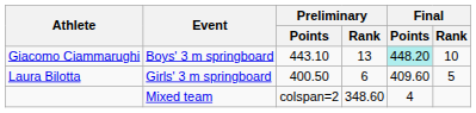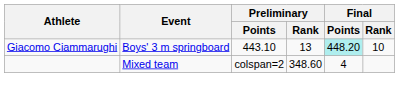 <table class="wikitable" style="font-size:90%;">
 <tr>
 <th rowspan=2>Athlete</th>
 <th rowspan=2>Event</th>
 <th colspan=2>Preliminary</th>
 <th colspan=2>Final</th>
 </tr>
 <tr>
 <th>Points</th>
 <th>Rank</th>
 <th>Points</th>
 <th>Rank</th>
 </tr>
 <tr align=center>
 <td align=left><a href='#'>Giacomo Ciammarughi</a></td>
 <td align=left><a href='#'>Boys' 3 m springboard</a></td>
 <td>443.10</td>
 <td>13</td>
 <td style="background: paleturquoise;">448.20</td>
 <td>10</td>
 </tr>
 <tr align=center>
-<td align=left><a href='#'>Laura Bilotta</a></td>
-<td align=left><a href='#'>Girls' 3 m springboard</a></td>
-<td>400.50</td>
-<td>6</td>
-<td>409.60</td>
-<td>5</td>
-</tr>
-<tr align=center>
 <td align=left><br></td>
 <td align=left><a href='#'>Mixed team</a></td>
 <td>colspan=2 </td>
 <td>348.60</td>
 <td>4</td>
 </tr>
 </table>
